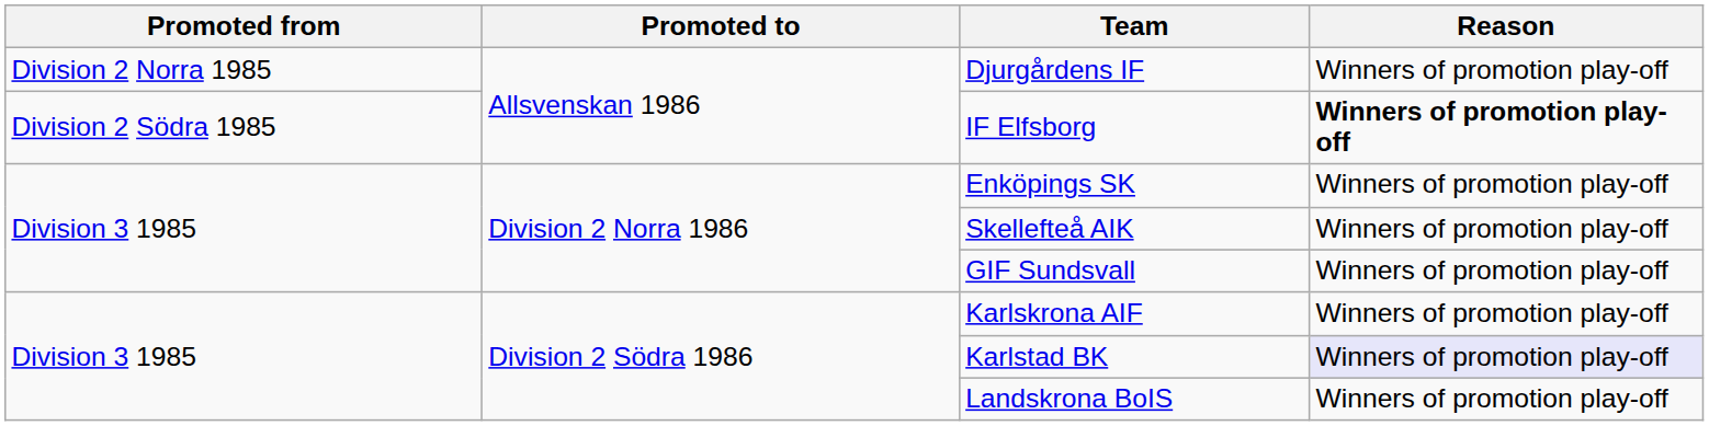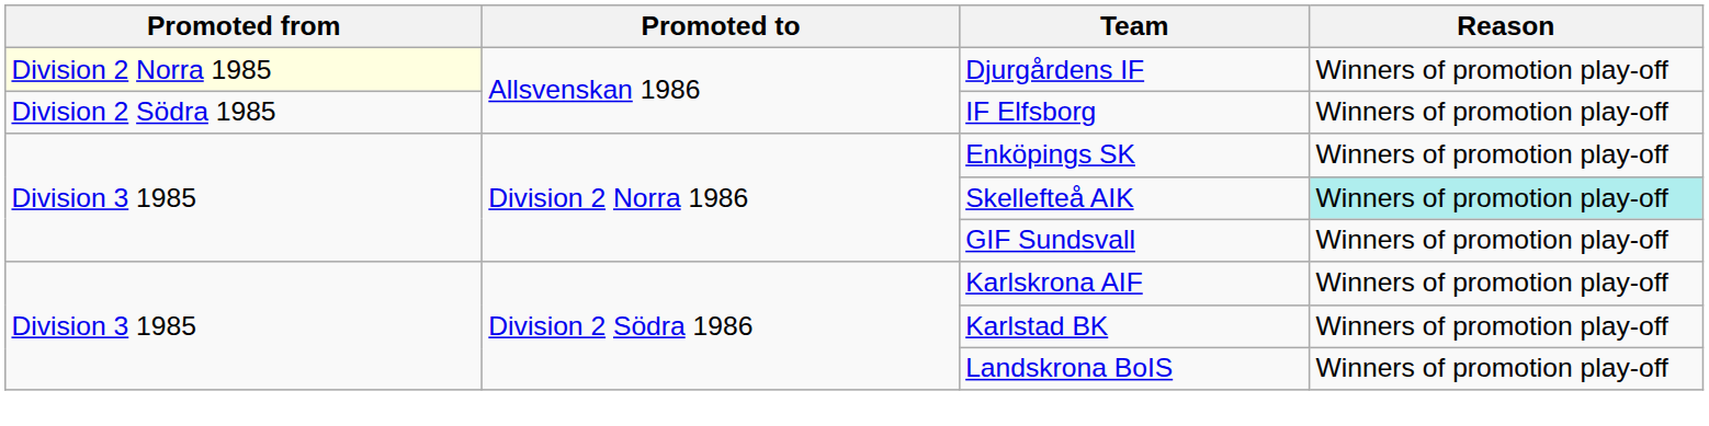 <table class="wikitable" style="text-align: left">
 <tr>
 <th style="width: 275px;">Promoted from</th>
 <th style="width: 275px;">Promoted to</th>
 <th style="width: 200px;">Team</th>
 <th style="width: 225px;">Reason</th>
 </tr>
 <tr>
-<td><a href='#'>Division 2</a> <a href='#'>Norra</a> 1985</td>
+<td style="background: lightyellow;"><a href='#'>Division 2</a> <a href='#'>Norra</a> 1985</td>
 <td rowspan=2><a href='#'>Allsvenskan</a> 1986</td>
 <td><a href='#'>Djurgårdens IF</a></td>
 <td>Winners of promotion play-off</td>
 </tr>
 <tr>
 <td><a href='#'>Division 2</a> <a href='#'>Södra</a> 1985</td>
 <td><a href='#'>IF Elfsborg</a></td>
-<td><strong>Winners of promotion play-off</strong></td>
+<td>Winners of promotion play-off</td>
 </tr>
 <tr>
 <td rowspan=3><a href='#'>Division 3</a> 1985</td>
 <td rowspan=3><a href='#'>Division 2</a> <a href='#'>Norra</a> 1986</td>
 <td><a href='#'>Enköpings SK</a></td>
 <td>Winners of promotion play-off</td>
 </tr>
 <tr>
 <td><a href='#'>Skellefteå AIK</a></td>
-<td>Winners of promotion play-off</td>
+<td style="background: paleturquoise;">Winners of promotion play-off</td>
 </tr>
 <tr>
 <td><a href='#'>GIF Sundsvall</a></td>
 <td>Winners of promotion play-off</td>
 </tr>
 <tr>
 <td rowspan=3><a href='#'>Division 3</a> 1985</td>
 <td rowspan=3><a href='#'>Division 2</a> <a href='#'>Södra</a> 1986</td>
 <td><a href='#'>Karlskrona AIF</a></td>
 <td>Winners of promotion play-off</td>
 </tr>
 <tr>
 <td><a href='#'>Karlstad BK</a></td>
-<td style="background: lavender;">Winners of promotion play-off</td>
+<td>Winners of promotion play-off</td>
 </tr>
 <tr>
 <td><a href='#'>Landskrona BoIS</a></td>
 <td>Winners of promotion play-off</td>
 </tr>
 </table>
